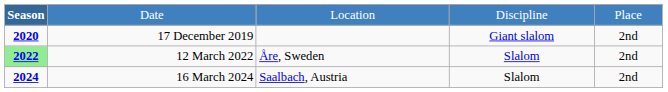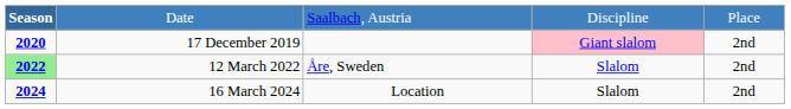 <table class="wikitable"  style="font-size:95%; text-align:center; border:gray solid 1px; width:40%;">
 <tr style="background:#369; color:white;">
 <td rowspan="2" colspan="1" width="5%"><strong>Season</strong></td>
 </tr>
 <tr style="background-color:#4180be; color:white;">
 <td>Date</td>
-<td>Location</td>
+<td align=left> <a href='#'>Saalbach</a>, Austria</td>
 <td>Discipline</td>
 <td>Place</td>
 </tr>
 <tr>
 <td><strong><a href='#'>2020</a></strong></td>
 <td align=right>17 December 2019</td>
 <td align=left></td>
-<td><a href='#'>Giant&nbsp;slalom</a></td>
+<td style="background: pink;"><a href='#'>Giant&nbsp;slalom</a></td>
 <td>2nd</td>
 </tr>
 <tr>
 <td style="background: lightgreen;"><strong><a href='#'>2022</a></strong></td>
 <td align=right>12 March 2022</td>
 <td align=left> <a href='#'>Åre</a>, Sweden</td>
 <td><a href='#'>Slalom</a></td>
 <td>2nd</td>
 </tr>
 <tr>
 <td><strong><a href='#'>2024</a></strong></td>
 <td align=right>16 March 2024</td>
-<td align=left> <a href='#'>Saalbach</a>, Austria</td>
+<td>Location</td>
 <td>Slalom</td>
 <td>2nd</td>
 </tr>
 </table>
